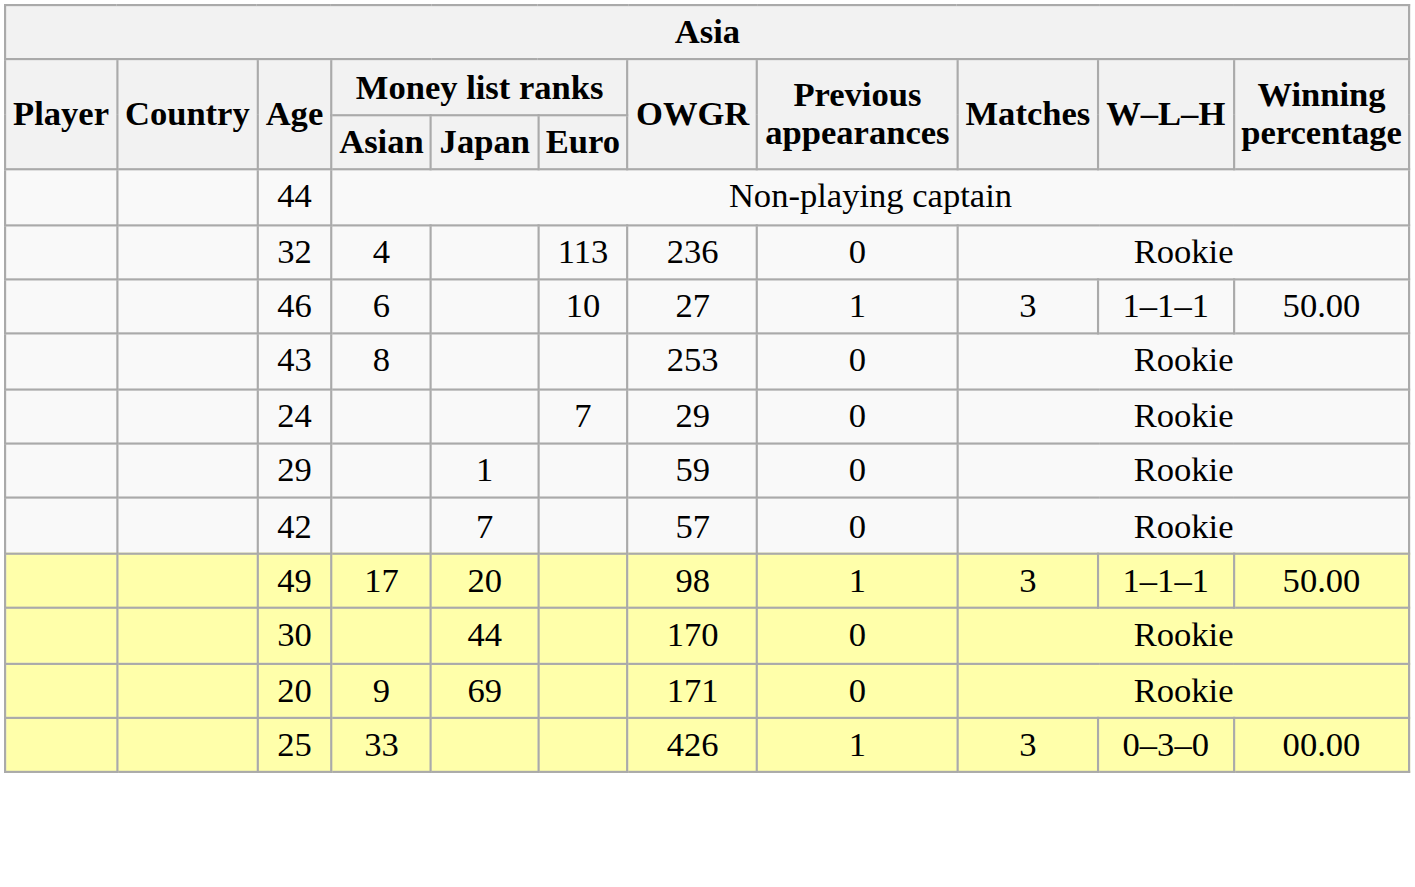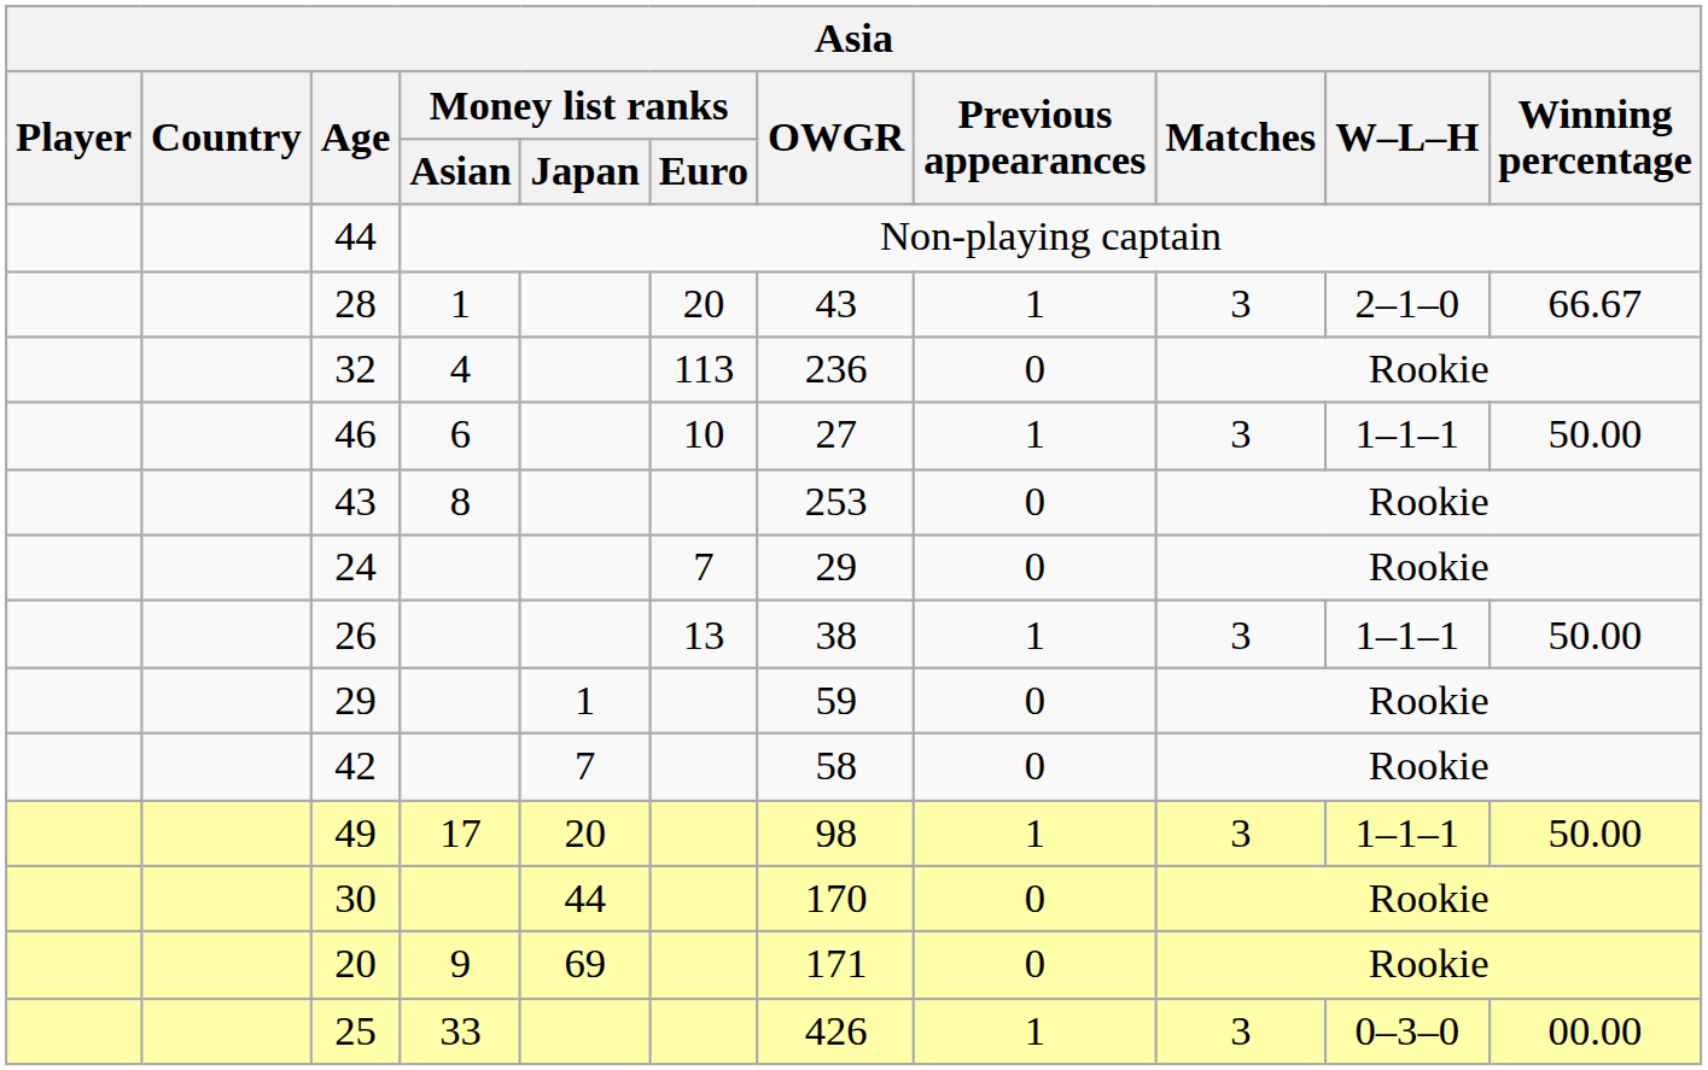 <table class="wikitable sortable" style="text-align:center">
 <tr>
 <th colspan=11>Asia</th>
 </tr>
 <tr>
 <th rowspan=2>Player</th>
 <th rowspan=2>Country</th>
 <th rowspan=2 data-sort-type="number">Age</th>
 <th colspan=3>Money list ranks</th>
 <th rowspan=2 data-sort-type="number">OWGR</th>
 <th rowspan=2 data-sort-type="number">Previous<br>appearances</th>
 <th rowspan=2 data-sort-type="number">Matches</th>
 <th rowspan=2 data-sort-type="number">W–L–H</th>
 <th rowspan=2 data-sort-type="number">Winning<br>percentage</th>
 </tr>
 <tr>
 <th data-sort-type="number">Asian</th>
 <th data-sort-type="number">Japan</th>
 <th data-sort-type="number">Euro</th>
 </tr>
 <tr>
 <td align=left></td>
 <td align=left></td>
 <td>44</td>
 <td colspan=8>Non-playing captain</td>
+</tr>
+<tr>
+<td align=left></td>
+<td align=left></td>
+<td>28</td>
+<td>1</td>
+<td></td>
+<td>20</td>
+<td>43</td>
+<td>1</td>
+<td>3</td>
+<td>2–1–0</td>
+<td>66.67</td>
 </tr>
 <tr>
 <td align=left></td>
 <td align=left></td>
 <td>32</td>
 <td>4</td>
 <td></td>
 <td>113</td>
 <td>236</td>
 <td>0</td>
 <td colspan=3>Rookie</td>
 </tr>
 <tr>
 <td align=left></td>
 <td align=left></td>
 <td>46</td>
 <td>6</td>
 <td></td>
 <td>10</td>
 <td>27</td>
 <td>1</td>
 <td>3</td>
 <td>1–1–1</td>
 <td>50.00</td>
 </tr>
 <tr>
 <td align=left></td>
 <td align=left></td>
 <td>43</td>
 <td>8</td>
 <td></td>
 <td></td>
 <td>253</td>
 <td>0</td>
 <td colspan=3>Rookie</td>
 </tr>
 <tr>
 <td align=left></td>
 <td align=left></td>
 <td>24</td>
 <td></td>
 <td></td>
 <td>7</td>
 <td>29</td>
 <td>0</td>
 <td colspan=3>Rookie</td>
 </tr>
 <tr>
 <td align=left></td>
 <td align=left></td>
+<td>26</td>
+<td></td>
+<td></td>
+<td>13</td>
+<td>38</td>
+<td>1</td>
+<td>3</td>
+<td>1–1–1</td>
+<td>50.00</td>
+</tr>
+<tr>
+<td align=left></td>
+<td align=left></td>
 <td>29</td>
 <td></td>
 <td>1</td>
 <td></td>
 <td>59</td>
 <td>0</td>
 <td colspan=3>Rookie</td>
 </tr>
 <tr>
 <td align=left></td>
 <td align=left></td>
 <td>42</td>
 <td></td>
 <td>7</td>
 <td></td>
-<td>57</td>
+<td>58</td>
 <td>0</td>
 <td colspan=3>Rookie</td>
 </tr>
 <tr style="background:#ffa;">
 <td align=left></td>
 <td align=left></td>
 <td>49</td>
 <td>17</td>
 <td>20</td>
 <td></td>
 <td>98</td>
 <td>1</td>
 <td>3</td>
 <td>1–1–1</td>
 <td>50.00</td>
 </tr>
 <tr style="background:#ffa;">
 <td align=left></td>
 <td align=left></td>
 <td>30</td>
 <td></td>
 <td>44</td>
 <td></td>
 <td>170</td>
 <td>0</td>
 <td colspan=3>Rookie</td>
 </tr>
 <tr style="background:#ffa;">
 <td align=left></td>
 <td align=left></td>
 <td>20</td>
 <td>9</td>
 <td>69</td>
 <td></td>
 <td>171</td>
 <td>0</td>
 <td colspan=3>Rookie</td>
 </tr>
 <tr style="background:#ffa;">
 <td align=left></td>
 <td align=left></td>
 <td>25</td>
 <td>33</td>
 <td></td>
 <td></td>
 <td>426</td>
 <td>1</td>
 <td>3</td>
 <td>0–3–0</td>
 <td>00.00</td>
 </tr>
 </table>
